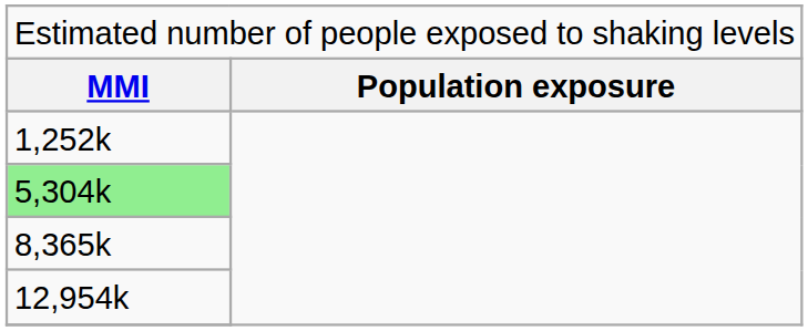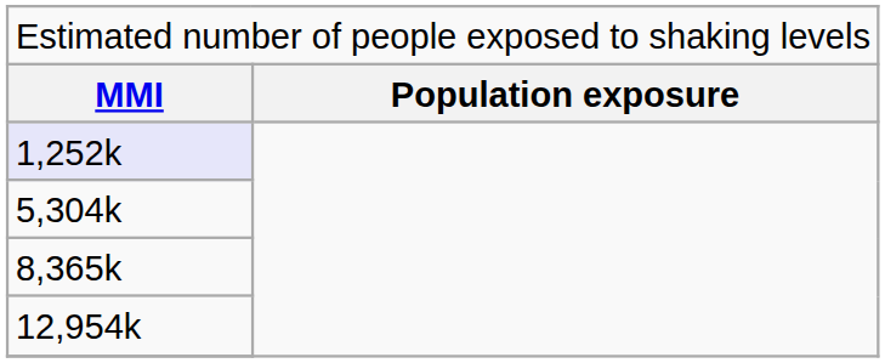 <table class="wikitable sortable plainrowheaders floatright" style="clear:right; margin-left:7px; margin-top:0; margin-right:0; margin-bottom:3px; font-size:80%;">
 <tr>
 <td colspan="2" style="text-align: center;">Estimated number of people exposed to shaking levels</td>
 </tr>
 <tr>
 <th><a href='#'>MMI</a></th>
 <th>Population exposure</th>
 </tr>
 <tr>
-<td>1,252k</td>
+<td style="background: lavender;">1,252k</td>
 </tr>
 <tr>
-<td style="background: lightgreen;">5,304k</td>
+<td>5,304k</td>
 </tr>
 <tr>
 <td>8,365k</td>
 </tr>
 <tr>
 <td>12,954k</td>
 </tr>
 <tr>
 </tr>
 </table>
